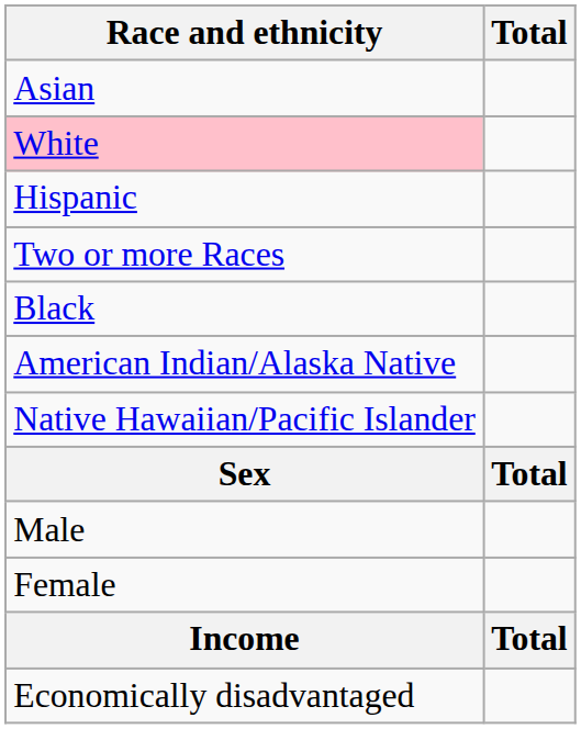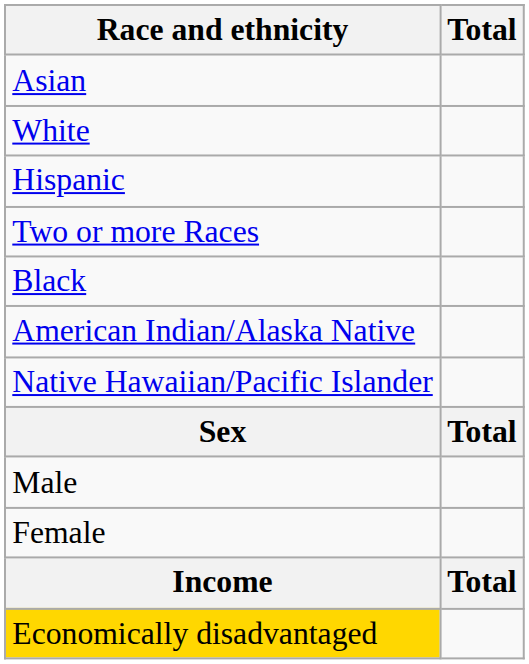 <table class="wikitable floatright sortable collapsible"; text-align:right; font-size:80%;">
 <tr>
 <th>Race and ethnicity</th>
 <th colspan="2" data-sort-type=number>Total</th>
 </tr>
 <tr>
 <td><a href='#'>Asian</a></td>
 <td align=right></td>
 </tr>
 <tr>
-<td style="background: pink;"><a href='#'>White</a></td>
+<td><a href='#'>White</a></td>
 <td align=right></td>
 </tr>
 <tr>
 <td><a href='#'>Hispanic</a></td>
 <td align=right></td>
 </tr>
 <tr>
 <td><a href='#'>Two or more Races</a></td>
 <td align=right></td>
 </tr>
 <tr>
 <td><a href='#'>Black</a></td>
 <td align=right></td>
 </tr>
 <tr>
 <td><a href='#'>American Indian/Alaska Native</a></td>
 <td align=right></td>
 </tr>
 <tr>
 <td><a href='#'>Native Hawaiian/Pacific Islander</a></td>
 <td align=right></td>
 </tr>
 <tr>
 <th>Sex</th>
 <th colspan="2" data-sort-type=number>Total</th>
 </tr>
 <tr>
 <td>Male</td>
 <td align=right></td>
 </tr>
 <tr>
 <td>Female</td>
 <td align=right></td>
 </tr>
 <tr>
 <th>Income</th>
 <th colspan="2" data-sort-type=number>Total</th>
 </tr>
 <tr>
-<td>Economically disadvantaged</td>
+<td style="background: gold;">Economically disadvantaged</td>
 <td align=right></td>
 </tr>
 </table>
